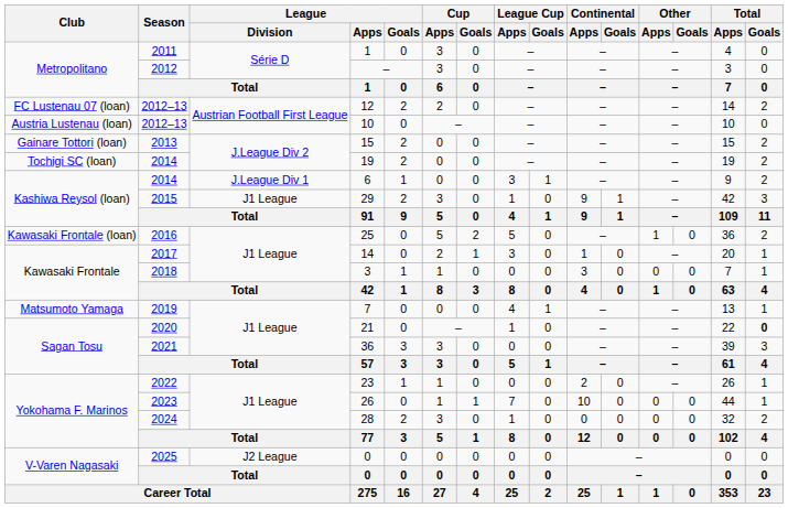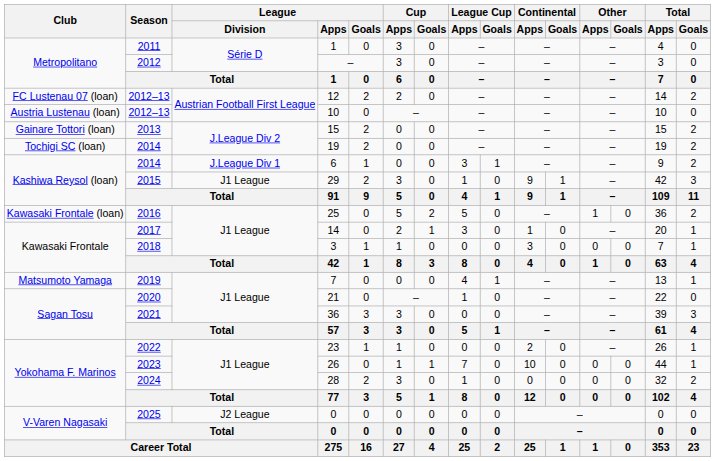 <table class="wikitable" style="text-align:center;">
 <tr>
 <th rowspan=2>Club</th>
 <th rowspan=2>Season</th>
 <th colspan=3>League</th>
 <th colspan=2>Cup</th>
 <th colspan=2>League Cup</th>
 <th colspan=2>Continental</th>
 <th colspan=2>Other</th>
 <th colspan=2>Total</th>
 </tr>
 <tr>
 <th>Division</th>
 <th>Apps</th>
 <th>Goals</th>
 <th>Apps</th>
 <th>Goals</th>
 <th>Apps</th>
 <th>Goals</th>
 <th>Apps</th>
 <th>Goals</th>
 <th>Apps</th>
 <th>Goals</th>
 <th>Apps</th>
 <th>Goals</th>
 </tr>
 <tr>
 <td rowspan="3"><a href='#'>Metropolitano</a></td>
 <td><a href='#'>2011</a></td>
 <td rowspan="2"><a href='#'>Série D</a></td>
 <td>1</td>
 <td>0</td>
 <td>3</td>
 <td>0</td>
 <td colspan="2">–</td>
 <td colspan="2">–</td>
 <td colspan="2">–</td>
 <td>4</td>
 <td>0</td>
 </tr>
 <tr>
 <td><a href='#'>2012</a></td>
 <td colspan="2">–</td>
 <td>3</td>
 <td>0</td>
 <td colspan="2">–</td>
 <td colspan="2">–</td>
 <td colspan="2">–</td>
 <td>3</td>
 <td>0</td>
 </tr>
 <tr>
 <th colspan=2>Total</th>
 <th>1</th>
 <th>0</th>
 <th>6</th>
 <th>0</th>
 <th colspan="2">–</th>
 <th colspan="2">–</th>
 <th colspan="2">–</th>
 <th>7</th>
 <th>0</th>
 </tr>
 <tr>
 <td><a href='#'>FC Lustenau 07</a> (loan)</td>
 <td><a href='#'>2012–13</a></td>
 <td rowspan="2"><a href='#'>Austrian Football First League</a></td>
 <td>12</td>
 <td>2</td>
 <td>2</td>
 <td>0</td>
 <td colspan="2">–</td>
 <td colspan="2">–</td>
 <td colspan="2">–</td>
 <td>14</td>
 <td>2</td>
 </tr>
 <tr>
 <td><a href='#'>Austria Lustenau</a> (loan)</td>
 <td><a href='#'>2012–13</a></td>
 <td>10</td>
 <td>0</td>
 <td colspan="2">–</td>
 <td colspan="2">–</td>
 <td colspan="2">–</td>
 <td colspan="2">–</td>
 <td>10</td>
 <td>0</td>
 </tr>
 <tr>
 <td><a href='#'>Gainare Tottori</a> (loan)</td>
 <td><a href='#'>2013</a></td>
 <td rowspan="2"><a href='#'>J.League Div 2</a></td>
 <td>15</td>
 <td>2</td>
 <td>0</td>
 <td>0</td>
 <td colspan="2">–</td>
 <td colspan="2">–</td>
 <td colspan="2">–</td>
 <td>15</td>
 <td>2</td>
 </tr>
 <tr>
 <td><a href='#'>Tochigi SC</a> (loan)</td>
 <td><a href='#'>2014</a></td>
 <td>19</td>
 <td>2</td>
 <td>0</td>
 <td>0</td>
 <td colspan="2">–</td>
 <td colspan="2">–</td>
 <td colspan="2">–</td>
 <td>19</td>
 <td>2</td>
 </tr>
 <tr>
 <td rowspan="3"><a href='#'>Kashiwa Reysol</a> (loan)</td>
 <td><a href='#'>2014</a></td>
 <td><a href='#'>J.League Div 1</a></td>
 <td>6</td>
 <td>1</td>
 <td>0</td>
 <td>0</td>
 <td>3</td>
 <td>1</td>
 <td colspan="2">–</td>
 <td colspan="2">–</td>
 <td>9</td>
 <td>2</td>
 </tr>
 <tr>
 <td><a href='#'>2015</a></td>
 <td>J1 League</td>
 <td>29</td>
 <td>2</td>
 <td>3</td>
 <td>0</td>
 <td>1</td>
 <td>0</td>
 <td>9</td>
 <td>1</td>
 <td colspan="2">–</td>
 <td>42</td>
 <td>3</td>
 </tr>
 <tr>
 <th colspan=2>Total</th>
 <th>91</th>
 <th>9</th>
 <th>5</th>
 <th>0</th>
 <th>4</th>
 <th>1</th>
 <th>9</th>
 <th>1</th>
 <th colspan="2">–</th>
 <th>109</th>
 <th>11</th>
 </tr>
 <tr>
 <td><a href='#'>Kawasaki Frontale</a> (loan)</td>
 <td><a href='#'>2016</a></td>
 <td rowspan="3">J1 League</td>
 <td>25</td>
 <td>0</td>
 <td>5</td>
 <td>2</td>
 <td>5</td>
 <td>0</td>
 <td colspan="2">–</td>
 <td>1</td>
 <td>0</td>
 <td>36</td>
 <td>2</td>
 </tr>
 <tr>
 <td rowspan="3">Kawasaki Frontale</td>
 <td><a href='#'>2017</a></td>
 <td>14</td>
 <td>0</td>
 <td>2</td>
 <td>1</td>
 <td>3</td>
 <td>0</td>
 <td>1</td>
 <td>0</td>
 <td colspan="2">–</td>
 <td>20</td>
 <td>1</td>
 </tr>
 <tr>
 <td><a href='#'>2018</a></td>
 <td>3</td>
 <td>1</td>
 <td>1</td>
 <td>0</td>
 <td>0</td>
 <td>0</td>
 <td>3</td>
 <td>0</td>
 <td>0</td>
 <td>0</td>
 <td>7</td>
 <td>1</td>
 </tr>
 <tr>
 <th colspan=2>Total</th>
 <th>42</th>
 <th>1</th>
 <th>8</th>
 <th>3</th>
 <th>8</th>
 <th>0</th>
 <th>4</th>
 <th>0</th>
 <th>1</th>
 <th>0</th>
 <th>63</th>
 <th>4</th>
 </tr>
 <tr>
 <td><a href='#'>Matsumoto Yamaga</a></td>
 <td><a href='#'>2019</a></td>
 <td rowspan="3">J1 League</td>
 <td>7</td>
 <td>0</td>
 <td>0</td>
 <td>0</td>
 <td>4</td>
 <td>1</td>
 <td colspan="2">–</td>
 <td colspan="2">–</td>
 <td>13</td>
 <td>1</td>
 </tr>
 <tr>
 <td rowspan="3"><a href='#'>Sagan Tosu</a></td>
 <td><a href='#'>2020</a></td>
 <td>21</td>
 <td>0</td>
 <td colspan="2">–</td>
 <td>1</td>
 <td>0</td>
 <td colspan="2">–</td>
 <td colspan="2">–</td>
 <td>22</td>
-<td><strong>0</strong></td>
+<td>0</td>
 </tr>
 <tr>
 <td><a href='#'>2021</a></td>
 <td>36</td>
 <td>3</td>
 <td>3</td>
 <td>0</td>
 <td>0</td>
 <td>0</td>
 <td colspan="2">–</td>
 <td colspan="2">–</td>
 <td>39</td>
 <td>3</td>
 </tr>
 <tr>
 <th colspan=2>Total</th>
 <th>57</th>
 <th>3</th>
 <th>3</th>
 <th>0</th>
 <th>5</th>
 <th>1</th>
 <th colspan="2">–</th>
 <th colspan="2">–</th>
 <th>61</th>
 <th>4</th>
 </tr>
 <tr>
 <td rowspan="4"><a href='#'>Yokohama F. Marinos</a></td>
 <td><a href='#'>2022</a></td>
 <td rowspan="3">J1 League</td>
 <td>23</td>
 <td>1</td>
 <td>1</td>
 <td>0</td>
 <td>0</td>
 <td>0</td>
 <td>2</td>
 <td>0</td>
 <td colspan="2">–</td>
 <td>26</td>
 <td>1</td>
 </tr>
 <tr>
 <td><a href='#'>2023</a></td>
 <td>26</td>
 <td>0</td>
 <td>1</td>
 <td>1</td>
 <td>7</td>
 <td>0</td>
 <td>10</td>
 <td>0</td>
 <td>0</td>
 <td>0</td>
 <td>44</td>
 <td>1</td>
 </tr>
 <tr>
 <td><a href='#'>2024</a></td>
 <td>28</td>
 <td>2</td>
 <td>3</td>
 <td>0</td>
 <td>1</td>
 <td>0</td>
 <td>0</td>
 <td>0</td>
 <td>0</td>
 <td>0</td>
 <td>32</td>
 <td>2</td>
 </tr>
 <tr>
 <th colspan=2>Total</th>
 <th>77</th>
 <th>3</th>
 <th>5</th>
 <th>1</th>
 <th>8</th>
 <th>0</th>
 <th>12</th>
 <th>0</th>
 <th>0</th>
 <th>0</th>
 <th>102</th>
 <th>4</th>
 </tr>
 <tr>
 <td rowspan="2"><a href='#'>V-Varen Nagasaki</a></td>
 <td><a href='#'>2025</a></td>
 <td>J2 League</td>
 <td>0</td>
 <td>0</td>
 <td>0</td>
 <td>0</td>
 <td>0</td>
 <td>0</td>
 <td colspan="4">–</td>
 <td>0</td>
 <td>0</td>
 </tr>
 <tr>
 <th colspan=2>Total</th>
 <th>0</th>
 <th>0</th>
 <th>0</th>
 <th>0</th>
 <th>0</th>
 <th>0</th>
 <th colspan="4">–</th>
 <th>0</th>
 <th>0</th>
 </tr>
 <tr>
 <th colspan=3>Career Total</th>
 <th>275</th>
 <th>16</th>
 <th>27</th>
 <th>4</th>
 <th>25</th>
 <th>2</th>
 <th>25</th>
 <th>1</th>
 <th>1</th>
 <th>0</th>
 <th>353</th>
 <th>23</th>
 </tr>
 </table>
